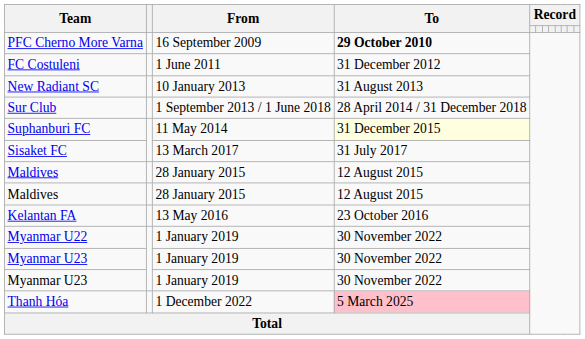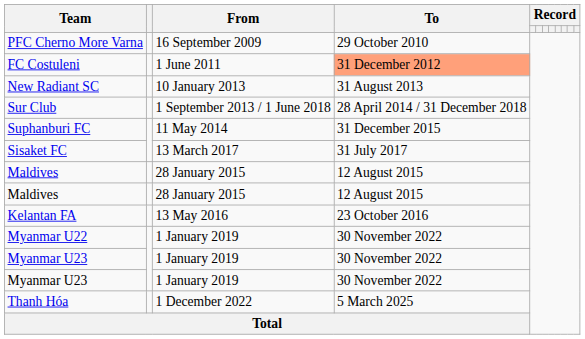 <table class="wikitable" style="text-align: center">
 <tr>
 <th rowspan="2">Team</th>
 <th rowspan="2"></th>
 <th rowspan="2">From</th>
 <th rowspan="2">To</th>
 <th colspan="8">Record</th>
 </tr>
 <tr>
 <th></th>
 <th></th>
 <th></th>
 <th></th>
 <th></th>
 <th></th>
 <th></th>
 <th></th>
 </tr>
 <tr>
 <td align=left><a href='#'>PFC Cherno More Varna</a></td>
 <td align=center></td>
 <td align=left>16 September 2009</td>
-<td align=left><strong>29 October 2010<br></strong></td>
+<td align=left>29 October 2010<br></td>
 </tr>
 <tr>
 <td align=left><a href='#'>FC Costuleni</a></td>
 <td align=center></td>
 <td align=left>1 June 2011</td>
-<td align=left>31 December 2012<br></td>
+<td align=left style="background: lightsalmon;">31 December 2012<br></td>
 </tr>
 <tr>
 <td align=left><a href='#'>New Radiant SC</a></td>
 <td align=center></td>
 <td align=left>10 January 2013</td>
 <td align=left>31 August 2013<br></td>
 </tr>
 <tr>
 <td align=left><a href='#'>Sur Club</a></td>
 <td align=center></td>
 <td align=left>1 September 2013 / 1 June 2018</td>
 <td align=left>28 April 2014 / 31 December 2018<br></td>
 </tr>
 <tr>
 <td align=left><a href='#'>Suphanburi FC</a></td>
 <td rowspan=2 align=center></td>
 <td align=left>11 May 2014</td>
-<td align=left style="background: lightyellow;">31 December 2015<br></td>
+<td align=left>31 December 2015<br></td>
 </tr>
 <tr>
 <td align=left><a href='#'>Sisaket FC</a></td>
 <td align=left>13 March 2017</td>
 <td align=left>31 July 2017<br></td>
 </tr>
 <tr>
 <td align=left><a href='#'>Maldives</a></td>
 <td align=center></td>
 <td align=left>28 January 2015</td>
 <td align=left>12 August 2015<br></td>
 </tr>
 <tr>
 <td align=left>Maldives</td>
 <td align=center></td>
 <td align=left>28 January 2015</td>
 <td align=left>12 August 2015<br></td>
 </tr>
 <tr>
 <td align=left><a href='#'>Kelantan FA</a></td>
 <td align=center></td>
 <td align=left>13 May 2016</td>
 <td align=left>23 October 2016<br></td>
 </tr>
 <tr>
 <td align=left><a href='#'>Myanmar U22</a></td>
 <td rowspan=3 align=center></td>
 <td align=left>1 January 2019</td>
 <td align=left>30 November 2022<br></td>
 </tr>
 <tr>
 <td align=left><a href='#'>Myanmar U23</a></td>
 <td align=left>1 January 2019</td>
 <td align=left>30 November 2022<br></td>
 </tr>
 <tr>
 <td align=left>Myanmar U23</td>
 <td align=left>1 January 2019</td>
 <td align=left>30 November 2022<br></td>
 </tr>
 <tr>
 <td align=left><a href='#'>Thanh Hóa</a></td>
 <td align=center></td>
 <td align=left>1 December 2022</td>
-<td align=left style="background: pink;">5 March 2025<br></td>
+<td align=left>5 March 2025<br></td>
 </tr>
 <tr>
 <th colspan=4>Total<br></th>
 </tr>
 </table>
